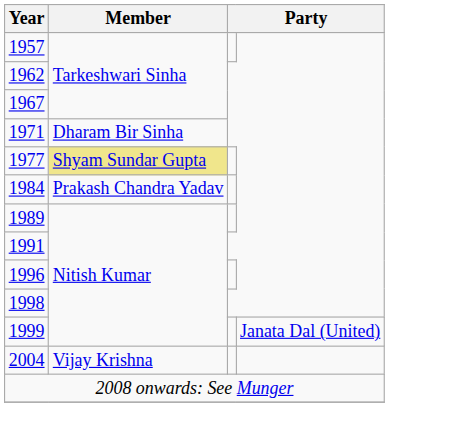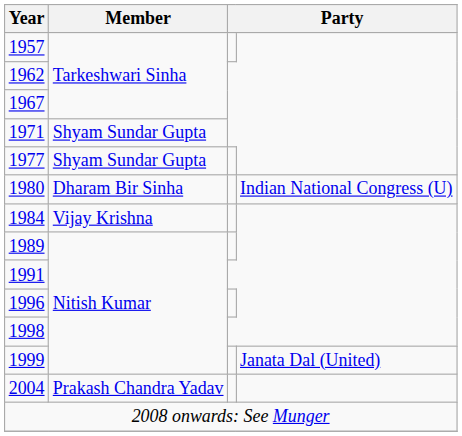 <table class="wikitable">
 <tr>
 <th>Year</th>
 <th>Member</th>
 <th colspan="2">Party</th>
 </tr>
 <tr>
 <td><a href='#'>1957</a></td>
 <td rowspan=3><a href='#'>Tarkeshwari Sinha</a></td>
 <td></td>
 </tr>
 <tr>
 <td><a href='#'>1962</a></td>
 </tr>
 <tr>
 <td><a href='#'>1967</a></td>
 </tr>
 <tr>
 <td><a href='#'>1971</a></td>
-<td><a href='#'>Dharam Bir Sinha</a></td>
+<td><a href='#'>Shyam Sundar Gupta</a></td>
 </tr>
 <tr>
 <td><a href='#'>1977</a></td>
-<td style="background: khaki;"><a href='#'>Shyam Sundar Gupta</a></td>
+<td><a href='#'>Shyam Sundar Gupta</a></td>
 <td></td>
 </tr>
 <tr>
+<td><a href='#'>1980</a></td>
+<td><a href='#'>Dharam Bir Sinha</a></td>
+<td style="background-color: "></td>
+<td><a href='#'>Indian National Congress (U)</a></td>
+</tr>
+<tr>
 <td><a href='#'>1984</a></td>
-<td><a href='#'>Prakash Chandra Yadav</a></td>
+<td><a href='#'>Vijay Krishna</a></td>
 <td></td>
 </tr>
 <tr>
 <td><a href='#'>1989</a></td>
 <td rowspan=5><a href='#'>Nitish Kumar</a></td>
 <td></td>
 </tr>
 <tr>
 <td><a href='#'>1991</a></td>
 </tr>
 <tr>
 <td><a href='#'>1996</a></td>
 <td></td>
 </tr>
 <tr>
 <td><a href='#'>1998</a></td>
 </tr>
 <tr>
 <td><a href='#'>1999</a></td>
 <td style="background-color: "></td>
 <td><a href='#'>Janata Dal (United)</a></td>
 </tr>
 <tr>
 <td><a href='#'>2004</a></td>
-<td><a href='#'>Vijay Krishna</a></td>
+<td><a href='#'>Prakash Chandra Yadav</a></td>
 <td></td>
 </tr>
 <tr>
 <td colspan=4 align=center><em>2008 onwards: See <a href='#'>Munger</a></em></td>
 </tr>
 <tr>
 </tr>
 </table>
